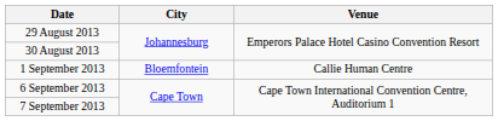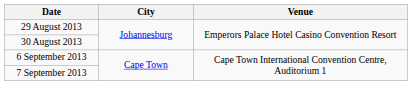 <table class="wikitable" style="text-align:center;">
 <tr>
 <th width="150">Date</th>
 <th width="150">City</th>
 <th width="350">Venue</th>
 </tr>
 <tr>
 <td>29 August 2013</td>
 <td rowspan="2"><a href='#'>Johannesburg</a></td>
 <td rowspan="2">Emperors Palace Hotel Casino Convention Resort</td>
 </tr>
 <tr>
 <td>30 August 2013</td>
 </tr>
 <tr>
-<td>1 September 2013</td>
-<td><a href='#'>Bloemfontein</a></td>
-<td>Callie Human Centre</td>
-</tr>
-<tr>
 <td>6 September 2013</td>
 <td rowspan="2"><a href='#'>Cape Town</a></td>
 <td rowspan="2">Cape Town International Convention Centre, Auditorium 1</td>
 </tr>
 <tr>
 <td>7 September 2013</td>
 </tr>
 </table>
